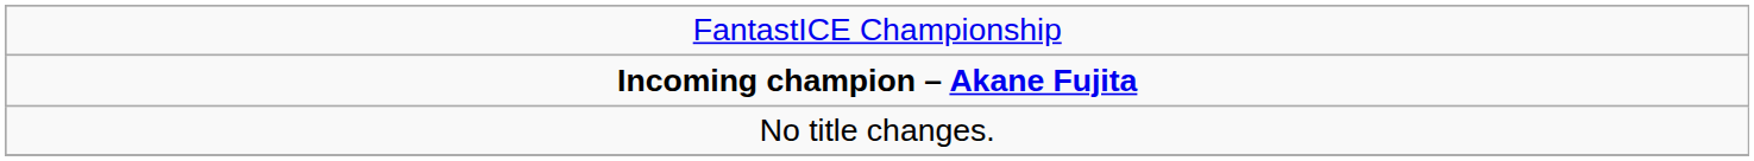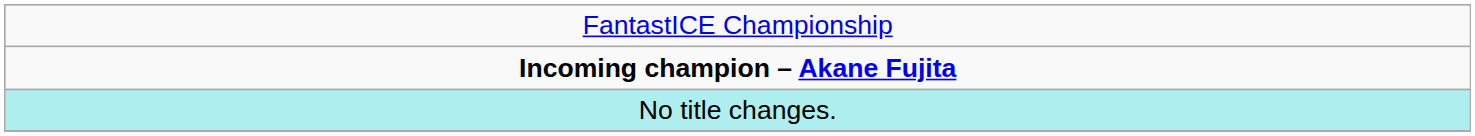 <table class="wikitable" style="text-align:center; width:100%;">
 <tr>
 <td colspan="4" style="text-align: center;"><a href='#'>FantastICE Championship</a></td>
 </tr>
 <tr>
 <td colspan="4" style="text-align: center;"><strong>Incoming champion – <a href='#'>Akane Fujita</a></strong></td>
 </tr>
 <tr>
-<td>No title changes.</td>
+<td style="background: paleturquoise;">No title changes.</td>
 </tr>
 <tr>
 </tr>
 </table>
